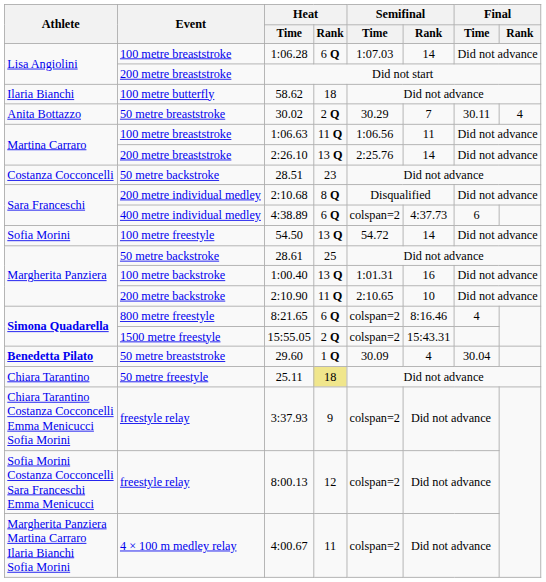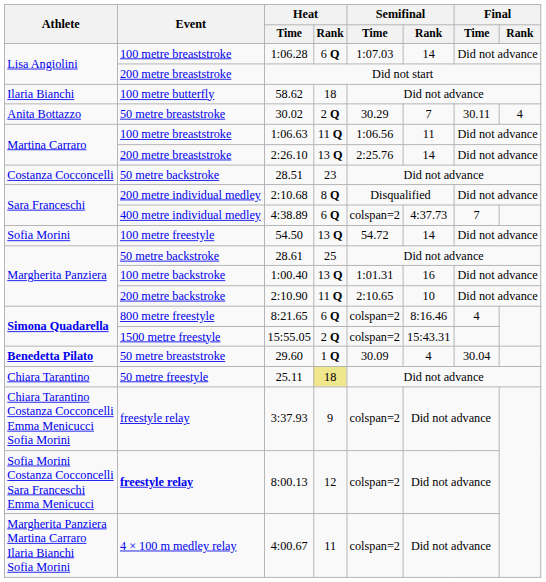 <table class="wikitable" style="text-align:center; font-size:90%; width:50%;">
 <tr>
 <th rowspan="2">Athlete</th>
 <th rowspan="2">Event</th>
 <th colspan="2">Heat</th>
 <th colspan="2">Semifinal</th>
 <th colspan="2">Final</th>
 </tr>
 <tr style="font-size:95%">
 <th>Time</th>
 <th>Rank</th>
 <th>Time</th>
 <th>Rank</th>
 <th>Time</th>
 <th>Rank</th>
 </tr>
 <tr>
 <td align=left rowspan=2><a href='#'>Lisa Angiolini</a></td>
 <td align=left><a href='#'>100 metre breaststroke</a></td>
 <td>1:06.28</td>
 <td>6 <strong>Q</strong></td>
 <td>1:07.03</td>
 <td>14</td>
 <td colspan=2>Did not advance</td>
 </tr>
 <tr>
 <td align=left><a href='#'>200 metre breaststroke</a></td>
 <td colspan=6>Did not start</td>
 </tr>
 <tr>
 <td align=left><a href='#'>Ilaria Bianchi</a></td>
 <td align=left><a href='#'>100 metre butterfly</a></td>
 <td>58.62</td>
 <td>18</td>
 <td colspan=4>Did not advance</td>
 </tr>
 <tr>
 <td align=left><a href='#'>Anita Bottazzo</a></td>
 <td align=left><a href='#'>50 metre breaststroke</a></td>
 <td>30.02</td>
 <td>2 <strong>Q</strong></td>
 <td>30.29</td>
 <td>7</td>
 <td>30.11</td>
 <td>4</td>
 </tr>
 <tr>
 <td align=left rowspan=2><a href='#'>Martina Carraro</a></td>
 <td align=left><a href='#'>100 metre breaststroke</a></td>
 <td>1:06.63</td>
 <td>11 <strong>Q</strong></td>
 <td>1:06.56</td>
 <td>11</td>
 <td colspan=2>Did not advance</td>
 </tr>
 <tr>
 <td align=left><a href='#'>200 metre breaststroke</a></td>
 <td>2:26.10</td>
 <td>13 <strong>Q</strong></td>
 <td>2:25.76</td>
 <td>14</td>
 <td colspan=2>Did not advance</td>
 </tr>
 <tr>
 <td align=left><a href='#'>Costanza Cocconcelli</a></td>
 <td align=left><a href='#'>50 metre backstroke</a></td>
 <td>28.51</td>
 <td>23</td>
 <td colspan=4>Did not advance</td>
 </tr>
 <tr>
 <td align=left rowspan=2><a href='#'>Sara Franceschi</a></td>
 <td align=left><a href='#'>200 metre individual medley</a></td>
 <td>2:10.68</td>
 <td>8 <strong>Q</strong></td>
 <td colspan=2>Disqualified</td>
 <td colspan=2>Did not advance</td>
 </tr>
 <tr>
 <td align=left><a href='#'>400 metre individual medley</a></td>
 <td>4:38.89</td>
 <td>6 <strong>Q</strong></td>
 <td>colspan=2 </td>
 <td>4:37.73</td>
-<td>6</td>
+<td>7</td>
 </tr>
 <tr>
 <td align=left><a href='#'>Sofia Morini</a></td>
 <td align=left><a href='#'>100 metre freestyle</a></td>
 <td>54.50</td>
 <td>13 <strong>Q</strong></td>
 <td>54.72</td>
 <td>14</td>
 <td colspan=2>Did not advance</td>
 </tr>
 <tr>
 <td align=left rowspan=3><a href='#'>Margherita Panziera</a></td>
 <td align=left><a href='#'>50 metre backstroke</a></td>
 <td>28.61</td>
 <td>25</td>
 <td colspan=4>Did not advance</td>
 </tr>
 <tr>
 <td align=left><a href='#'>100 metre backstroke</a></td>
 <td>1:00.40</td>
 <td>13 <strong>Q</strong></td>
 <td>1:01.31</td>
 <td>16</td>
 <td colspan="2">Did not advance</td>
 </tr>
 <tr>
 <td align=left><a href='#'>200 metre backstroke</a></td>
 <td>2:10.90</td>
 <td>11 <strong>Q</strong></td>
 <td>2:10.65</td>
 <td>10</td>
 <td colspan="2">Did not advance</td>
 </tr>
 <tr>
 <td align=left rowspan=2><strong><a href='#'>Simona Quadarella</a></strong></td>
 <td align=left><a href='#'>800 metre freestyle</a></td>
 <td>8:21.65</td>
 <td>6 <strong>Q</strong></td>
 <td>colspan=2 </td>
 <td>8:16.46</td>
 <td>4</td>
 </tr>
 <tr>
 <td align=left><a href='#'>1500 metre freestyle</a></td>
 <td>15:55.05</td>
 <td>2 <strong>Q</strong></td>
 <td>colspan=2 </td>
 <td>15:43.31</td>
 <td></td>
 </tr>
 <tr>
 <td align=left><strong><a href='#'>Benedetta Pilato</a></strong></td>
 <td align=left><a href='#'>50 metre breaststroke</a></td>
 <td>29.60</td>
 <td>1 <strong>Q</strong></td>
 <td>30.09</td>
 <td>4</td>
 <td>30.04</td>
 <td></td>
 </tr>
 <tr>
 <td align=left><a href='#'>Chiara Tarantino</a></td>
 <td align=left><a href='#'>50 metre freestyle</a></td>
 <td>25.11</td>
 <td style="background: khaki;">18</td>
 <td colspan=4>Did not advance</td>
 </tr>
 <tr>
 <td align=left><a href='#'>Chiara Tarantino</a> <br><a href='#'>Costanza Cocconcelli</a> <br><a href='#'>Emma Menicucci</a> <br><a href='#'>Sofia Morini</a></td>
 <td align=left><a href='#'> freestyle relay</a></td>
 <td>3:37.93</td>
 <td>9</td>
 <td>colspan=2 </td>
 <td colspan=2>Did not advance</td>
 </tr>
 <tr>
 <td align=left><a href='#'>Sofia Morini</a> <br><a href='#'>Costanza Cocconcelli</a> <br><a href='#'>Sara Franceschi</a> <br><a href='#'>Emma Menicucci</a></td>
-<td align=left><a href='#'> freestyle relay</a></td>
+<td align=left><strong><a href='#'> freestyle relay</a></strong></td>
 <td>8:00.13</td>
 <td>12</td>
 <td>colspan=2 </td>
 <td colspan=2>Did not advance</td>
 </tr>
 <tr>
 <td align=left><a href='#'>Margherita Panziera</a> <br><a href='#'>Martina Carraro</a> <br><a href='#'>Ilaria Bianchi</a>  <br><a href='#'>Sofia Morini</a></td>
 <td align=left><a href='#'>4 × 100 m medley relay</a></td>
 <td>4:00.67</td>
 <td>11</td>
 <td>colspan=2 </td>
 <td colspan=2>Did not advance</td>
 </tr>
 </table>
